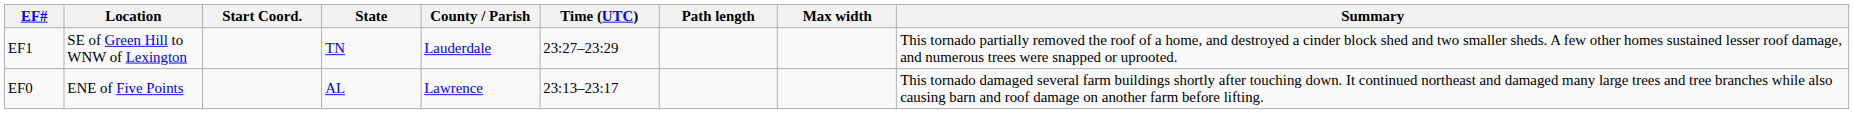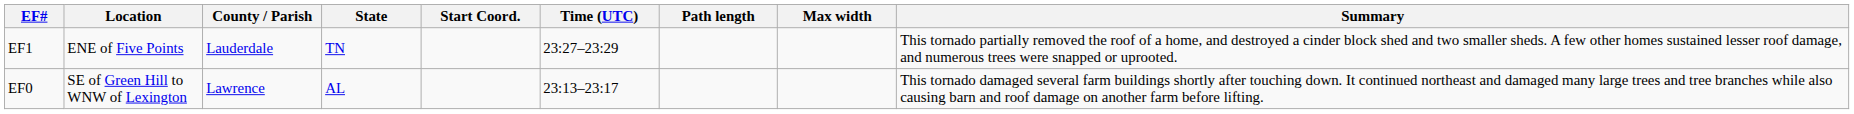 <table class="wikitable sortable" style="width:100%;">
 <tr>
 <th scope="col"  style="width:3%; text-align:center;"><a href='#'>EF#</a></th>
 <th scope="col"  style="width:7%; text-align:center;" class="unsortable">Location</th>
+<th scope="col"  style="width:6%; text-align:center;" class="unsortable">County / Parish</th>
+<th scope="col"  style="width:5%; text-align:center;">State</th>
 <th scope="col"  style="width:6%; text-align:center;">Start Coord.</th>
-<th scope="col"  style="width:5%; text-align:center;">State</th>
-<th scope="col"  style="width:6%; text-align:center;" class="unsortable">County / Parish</th>
 <th scope="col"  style="width:6%; text-align:center;">Time (<a href='#'>UTC</a>)</th>
 <th scope="col"  style="width:6%; text-align:center;">Path length</th>
 <th scope="col"  style="width:6%; text-align:center;">Max width</th>
 <th scope="col" class="unsortable" style="width:48%; text-align:center;">Summary</th>
 </tr>
 <tr>
 <td>EF1</td>
-<td>SE of <a href='#'>Green Hill</a> to WNW of <a href='#'>Lexington</a></td>
+<td>ENE of <a href='#'>Five Points</a></td>
+<td><a href='#'>Lauderdale</a></td>
+<td><a href='#'>TN</a></td>
 <td></td>
-<td><a href='#'>TN</a></td>
-<td><a href='#'>Lauderdale</a></td>
 <td>23:27–23:29</td>
 <td></td>
 <td></td>
 <td>This tornado partially removed the roof of a home, and destroyed a cinder block shed and two smaller sheds. A few other homes sustained lesser roof damage, and numerous trees were snapped or uprooted.</td>
 </tr>
 <tr>
 <td>EF0</td>
-<td>ENE of <a href='#'>Five Points</a></td>
+<td>SE of <a href='#'>Green Hill</a> to WNW of <a href='#'>Lexington</a></td>
+<td><a href='#'>Lawrence</a></td>
+<td><a href='#'>AL</a></td>
 <td></td>
-<td><a href='#'>AL</a></td>
-<td><a href='#'>Lawrence</a></td>
 <td>23:13–23:17</td>
 <td></td>
 <td></td>
 <td>This tornado damaged several farm buildings shortly after touching down. It continued northeast and damaged many large trees and tree branches while also causing barn and roof damage on another farm before lifting.</td>
 </tr>
 </table>
